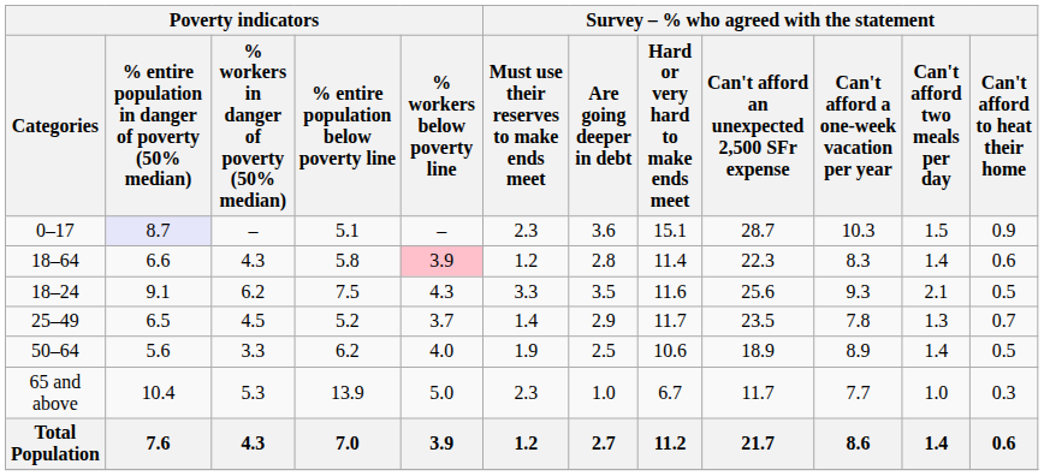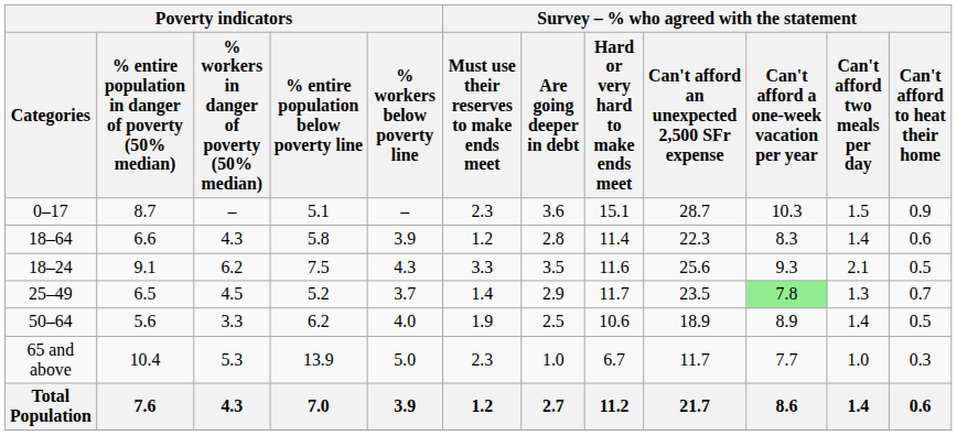 <table class="wikitable sortable collapsible collapsed" style="text-align: center;">
 <tr>
 <th Colspan="5">Poverty indicators</th>
 <th colspan="7">Survey – % who agreed with the statement</th>
 </tr>
 <tr>
 <th>Categories</th>
 <th>% entire population in danger of poverty<br>(50% median)</th>
 <th>% workers in danger of poverty<br>(50% median)</th>
 <th>% entire population below poverty line</th>
 <th>% workers below poverty line</th>
 <th>Must use their reserves to make ends meet</th>
 <th>Are going deeper in debt</th>
 <th>Hard or very hard to make ends meet</th>
 <th>Can't afford an unexpected 2,500 SFr expense</th>
 <th>Can't afford a one-week vacation per year</th>
 <th>Can't afford two meals per day</th>
 <th>Can't afford to heat their home</th>
 </tr>
 <tr>
 <td>0–17</td>
-<td style="background: lavender;">8.7</td>
+<td>8.7</td>
 <td>–</td>
 <td>5.1</td>
 <td>–</td>
 <td>2.3</td>
 <td>3.6</td>
 <td>15.1</td>
 <td>28.7</td>
 <td>10.3</td>
 <td>1.5</td>
 <td>0.9</td>
 </tr>
 <tr>
 <td>18–64</td>
 <td>6.6</td>
 <td>4.3</td>
 <td>5.8</td>
-<td style="background: pink;">3.9</td>
+<td>3.9</td>
 <td>1.2</td>
 <td>2.8</td>
 <td>11.4</td>
 <td>22.3</td>
 <td>8.3</td>
 <td>1.4</td>
 <td>0.6</td>
 </tr>
 <tr>
 <td>18–24</td>
 <td>9.1</td>
 <td>6.2</td>
 <td>7.5</td>
 <td>4.3</td>
 <td>3.3</td>
 <td>3.5</td>
 <td>11.6</td>
 <td>25.6</td>
 <td>9.3</td>
 <td>2.1</td>
 <td>0.5</td>
 </tr>
 <tr>
 <td>25–49</td>
 <td>6.5</td>
 <td>4.5</td>
 <td>5.2</td>
 <td>3.7</td>
 <td>1.4</td>
 <td>2.9</td>
 <td>11.7</td>
 <td>23.5</td>
-<td>7.8</td>
+<td style="background: lightgreen;">7.8</td>
 <td>1.3</td>
 <td>0.7</td>
 </tr>
 <tr>
 <td>50–64</td>
 <td>5.6</td>
 <td>3.3</td>
 <td>6.2</td>
 <td>4.0</td>
 <td>1.9</td>
 <td>2.5</td>
 <td>10.6</td>
 <td>18.9</td>
 <td>8.9</td>
 <td>1.4</td>
 <td>0.5</td>
 </tr>
 <tr>
 <td>65 and above</td>
 <td>10.4</td>
 <td>5.3</td>
 <td>13.9</td>
 <td>5.0</td>
 <td>2.3</td>
 <td>1.0</td>
 <td>6.7</td>
 <td>11.7</td>
 <td>7.7</td>
 <td>1.0</td>
 <td>0.3</td>
 </tr>
 <tr>
 <th>Total Population</th>
 <th>7.6</th>
 <th>4.3</th>
 <th>7.0</th>
 <th>3.9</th>
 <th>1.2</th>
 <th>2.7</th>
 <th>11.2</th>
 <th>21.7</th>
 <th>8.6</th>
 <th>1.4</th>
 <th>0.6</th>
 </tr>
 <tr>
 </tr>
 </table>
